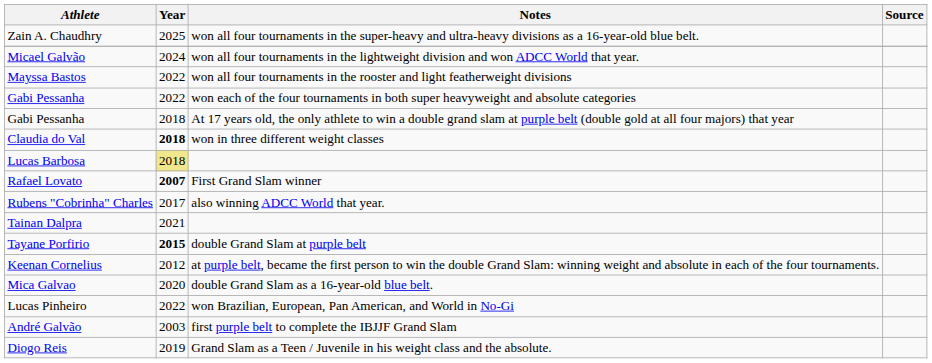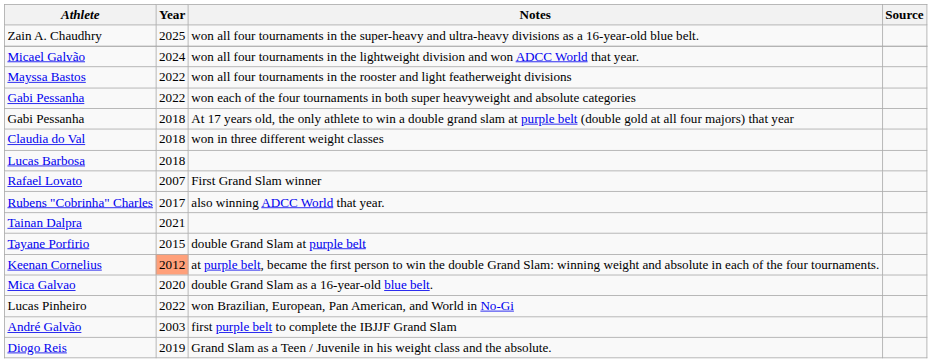 <table class="wikitable sortable">
 <tr>
 <th><em>Athlete</em></th>
 <th>Year</th>
 <th>Notes</th>
 <th>Source</th>
 </tr>
 <tr>
 <td>Zain A. Chaudhry</td>
 <td>2025</td>
 <td>won all four tournaments in the super-heavy and ultra-heavy divisions as a 16-year-old blue belt.</td>
 <td></td>
 </tr>
 <tr>
 </tr>
 <tr>
 <td><a href='#'>Micael Galvão</a></td>
 <td>2024</td>
 <td>won all four tournaments in the lightweight division and won <a href='#'>ADCC World</a> that year.</td>
 <td></td>
 </tr>
 <tr>
 <td><a href='#'>Mayssa Bastos</a></td>
 <td>2022</td>
 <td>won all four tournaments in the rooster and light featherweight divisions</td>
 <td></td>
 </tr>
 <tr>
 <td><a href='#'>Gabi Pessanha </a></td>
 <td>2022</td>
 <td>won each of the four tournaments in both super heavyweight and absolute categories</td>
 <td></td>
 </tr>
 <tr>
 <td>Gabi Pessanha</td>
 <td>2018</td>
 <td>At 17 years old, the only athlete to win a double grand slam at <a href='#'>purple belt</a> (double gold at all four majors) that year</td>
 <td></td>
 </tr>
 <tr>
 <td><a href='#'>Claudia do Val</a></td>
-<td><strong>2018</strong></td>
+<td>2018</td>
 <td>won in three different weight classes</td>
 <td></td>
 </tr>
 <tr>
 <td><a href='#'>Lucas Barbosa</a></td>
-<td style="background: khaki;">2018</td>
+<td>2018</td>
 <td></td>
 <td></td>
 </tr>
 <tr>
 <td><a href='#'>Rafael Lovato</a></td>
-<td><strong>2007</strong></td>
+<td>2007</td>
 <td>First Grand Slam winner</td>
 <td></td>
 </tr>
 <tr>
 <td><a href='#'>Rubens "Cobrinha" Charles</a></td>
 <td>2017</td>
 <td>also winning <a href='#'>ADCC World</a> that year.</td>
 <td></td>
 </tr>
 <tr>
 <td><a href='#'>Tainan Dalpra</a></td>
 <td>2021</td>
 <td></td>
 <td></td>
 </tr>
 <tr>
 <td><a href='#'>Tayane Porfirio</a></td>
-<td><strong>2015</strong></td>
+<td>2015</td>
 <td>double Grand Slam at <a href='#'>purple belt</a></td>
 <td></td>
 </tr>
 <tr>
 <td><a href='#'>Keenan Cornelius</a></td>
-<td>2012</td>
+<td style="background: lightsalmon;">2012</td>
 <td>at <a href='#'>purple belt</a>, became the first person to win the double Grand Slam: winning weight and absolute in each of the four tournaments.</td>
 <td></td>
 </tr>
 <tr>
 <td><a href='#'>Mica Galvao</a></td>
 <td>2020</td>
 <td>double Grand Slam as a 16-year-old <a href='#'>blue belt</a>.</td>
 <td></td>
 </tr>
 <tr>
 <td>Lucas Pinheiro</td>
 <td>2022</td>
 <td>won Brazilian, European, Pan American, and World in <a href='#'>No-Gi</a></td>
 <td></td>
 </tr>
 <tr>
 <td><a href='#'>André Galvão</a></td>
 <td>2003</td>
 <td>first <a href='#'>purple belt</a> to complete the IBJJF Grand Slam</td>
 <td></td>
 </tr>
 <tr>
 <td><a href='#'>Diogo Reis</a></td>
 <td>2019</td>
 <td>Grand Slam as a Teen / Juvenile in his weight class and the absolute.</td>
 <td></td>
 </tr>
 </table>
